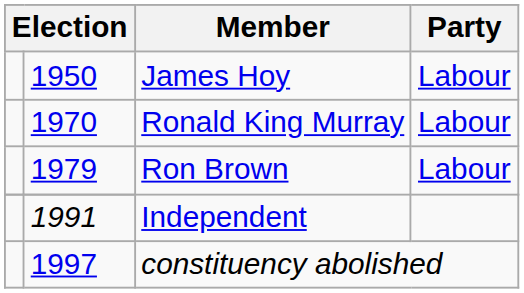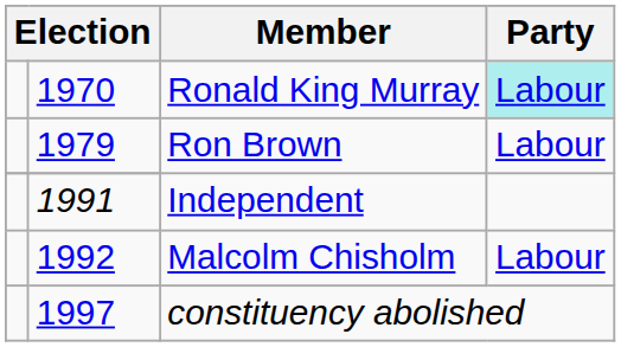 <table class="wikitable">
 <tr>
 <th colspan="2">Election</th>
 <th>Member </th>
 <th>Party</th>
 </tr>
 <tr>
 <td style="color:inherit;background-color: "></td>
-<td><a href='#'>1950</a></td>
-<td><a href='#'>James Hoy</a></td>
-<td><a href='#'>Labour</a></td>
-</tr>
-<tr>
-<td style="color:inherit;background-color: "></td>
 <td><a href='#'>1970</a></td>
 <td><a href='#'>Ronald King Murray</a></td>
-<td><a href='#'>Labour</a></td>
+<td style="background: paleturquoise;"><a href='#'>Labour</a></td>
 </tr>
 <tr>
 <td style="color:inherit;background-color: "></td>
 <td><a href='#'>1979</a></td>
 <td rowspan=2><a href='#'>Ron Brown</a></td>
 <td><a href='#'>Labour</a></td>
 </tr>
 <tr>
 </tr>
 <tr>
 <td style="color:inherit;background-color: "></td>
 <td><em>1991</em></td>
 <td><a href='#'>Independent</a></td>
 </tr>
 <tr>
+<td style="color:inherit;background-color: "></td>
+<td><a href='#'>1992</a></td>
+<td><a href='#'>Malcolm Chisholm</a></td>
+<td><a href='#'>Labour</a></td>
+</tr>
+<tr>
 <td></td>
 <td><a href='#'>1997</a></td>
 <td colspan="2"><em>constituency abolished</em></td>
 </tr>
 </table>
